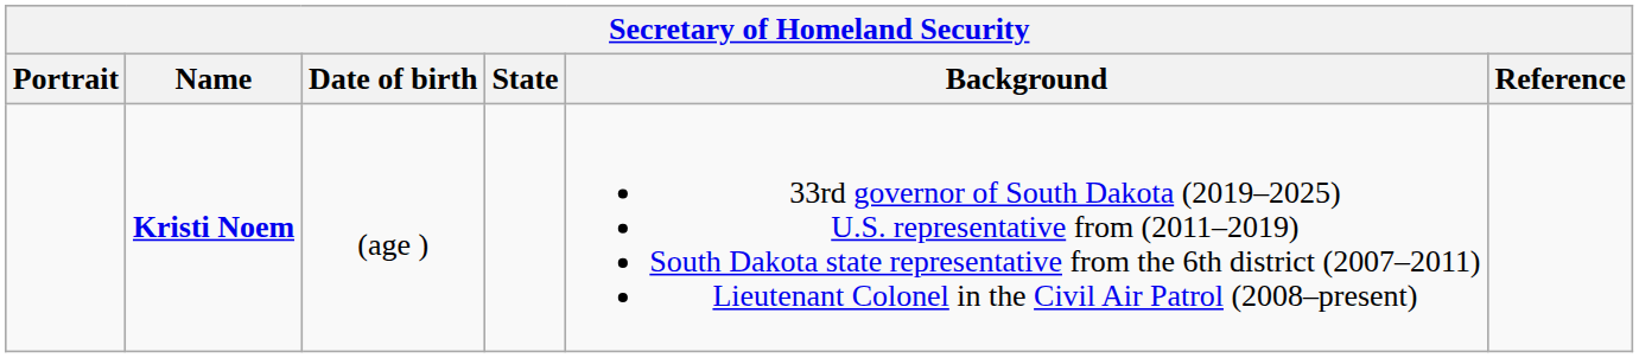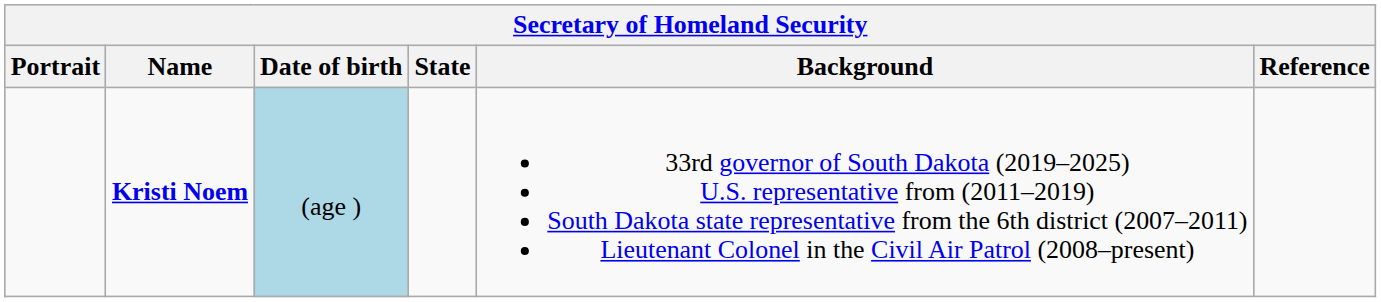 <table class="wikitable collapsible" style="text-align:center;">
 <tr>
 <th colspan="6"><a href='#'>Secretary of Homeland Security</a></th>
 </tr>
 <tr>
 <th>Portrait</th>
 <th>Name</th>
 <th>Date of birth</th>
 <th>State</th>
 <th>Background</th>
 <th>Reference</th>
 </tr>
 <tr>
 <td></td>
 <td><strong><a href='#'>Kristi Noem</a></strong></td>
-<td><br>(age )</td>
+<td style="background: lightblue;"><br>(age )</td>
 <td></td>
 <td><br><ul><li>33rd <a href='#'>governor of South Dakota</a> (2019–2025)</li><li><a href='#'>U.S. representative</a> from  (2011–2019)</li><li><a href='#'>South Dakota state representative</a> from the 6th district (2007–2011)</li><li><a href='#'>Lieutenant Colonel</a> in the <a href='#'>Civil Air Patrol</a> (2008–present)</li></ul></td>
 <td></td>
 </tr>
 </table>
